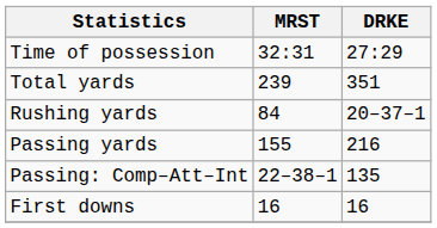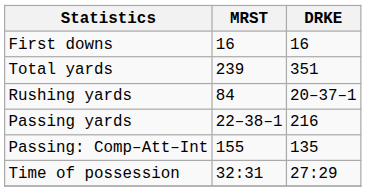 <table class="wikitable" style="float: left;">
 <tr>
 <th>Statistics</th>
 <th>MRST</th>
 <th>DRKE</th>
 </tr>
 <tr>
-<td>Time of possession</td>
-<td>32:31</td>
-<td>27:29</td>
+<td>First downs</td>
+<td>16</td>
+<td>16</td>
 </tr>
 <tr>
 <td>Total yards</td>
 <td>239</td>
 <td>351</td>
 </tr>
 <tr>
 <td>Rushing yards</td>
 <td>84</td>
 <td>20–37–1</td>
 </tr>
 <tr>
 <td>Passing yards</td>
-<td>155</td>
+<td>22–38–1</td>
 <td>216</td>
 </tr>
 <tr>
 <td>Passing: Comp–Att–Int</td>
-<td>22–38–1</td>
+<td>155</td>
 <td>135</td>
 </tr>
 <tr>
-<td>First downs</td>
-<td>16</td>
-<td>16</td>
+<td>Time of possession</td>
+<td>32:31</td>
+<td>27:29</td>
 </tr>
 <tr>
 </tr>
 </table>
